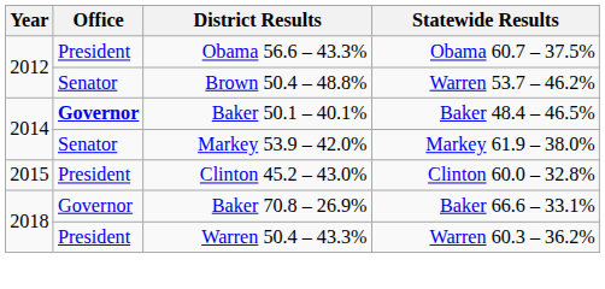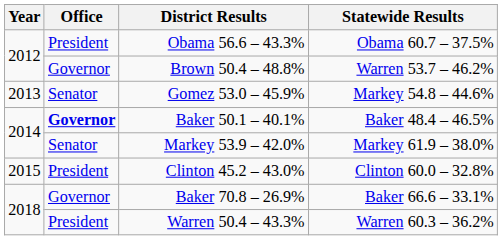 <table class=wikitable>
 <tr>
 <th width="30">Year</th>
 <th width="60">Office</th>
 <th width="180">District Results</th>
 <th width="180">Statewide Results</th>
 </tr>
 <tr>
 <td rowspan="2">2012</td>
 <td><a href='#'>President</a><br></td>
 <td align="right" ><a href='#'>Obama</a> 56.6 – 43.3%</td>
 <td align="right" ><a href='#'>Obama</a> 60.7 – 37.5%</td>
 </tr>
 <tr>
-<td><a href='#'>Senator</a><br></td>
+<td><a href='#'>Governor</a><br></td>
 <td align="right" ><a href='#'>Brown</a> 50.4 – 48.8%</td>
 <td align="right" ><a href='#'>Warren</a> 53.7 – 46.2%</td>
+</tr>
+<tr>
+<td>2013</td>
+<td><a href='#'>Senator</a><br></td>
+<td align="right" ><a href='#'>Gomez</a> 53.0 – 45.9%</td>
+<td align="right" ><a href='#'>Markey</a> 54.8 – 44.6%</td>
 </tr>
 <tr>
 <td rowspan="2">2014</td>
 <td><strong><a href='#'>Governor</a><br></strong></td>
 <td align="right" ><a href='#'>Baker</a> 50.1 – 40.1%</td>
 <td align="right" ><a href='#'>Baker</a> 48.4 – 46.5%</td>
 </tr>
 <tr>
 <td><a href='#'>Senator</a><br></td>
 <td align="right" ><a href='#'>Markey</a> 53.9 – 42.0%</td>
 <td align="right" ><a href='#'>Markey</a> 61.9 – 38.0%</td>
 </tr>
 <tr>
 <td>2015</td>
 <td><a href='#'>President</a><br></td>
 <td align="right" ><a href='#'>Clinton</a> 45.2 – 43.0%</td>
 <td align="right" ><a href='#'>Clinton</a> 60.0 – 32.8%</td>
 </tr>
 <tr>
 <td rowspan="2">2018</td>
 <td><a href='#'>Governor</a><br></td>
 <td align="right" ><a href='#'>Baker</a> 70.8 – 26.9%</td>
 <td align="right" ><a href='#'>Baker</a> 66.6 – 33.1%</td>
 </tr>
 <tr>
 <td><a href='#'>President</a><br></td>
 <td align="right" ><a href='#'>Warren</a> 50.4 – 43.3%</td>
 <td align="right" ><a href='#'>Warren</a> 60.3 – 36.2%</td>
 </tr>
 </table>
